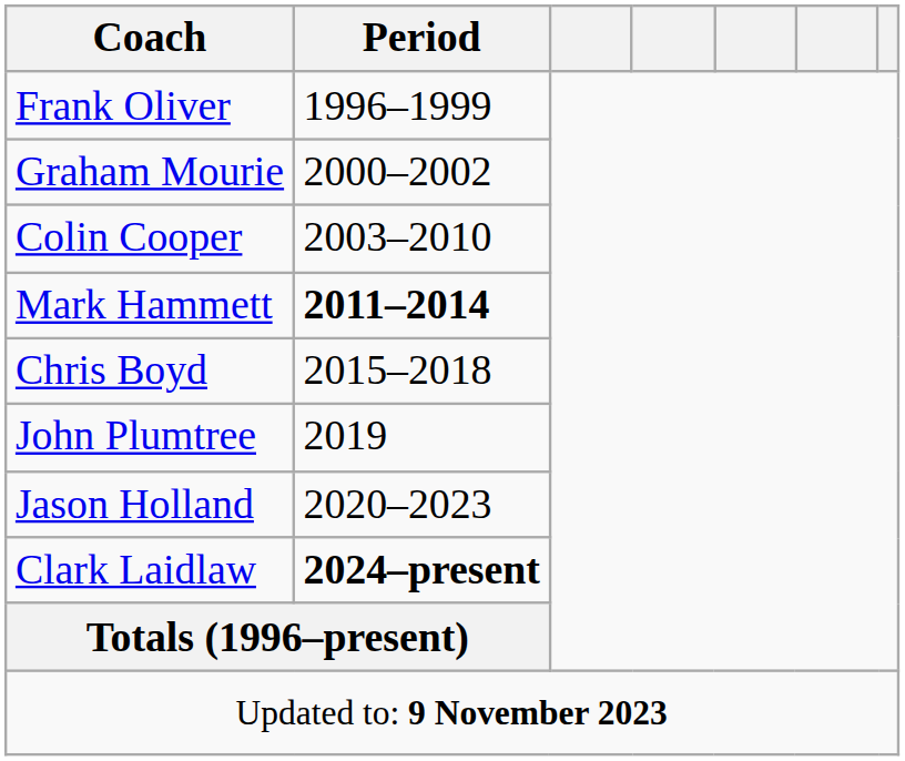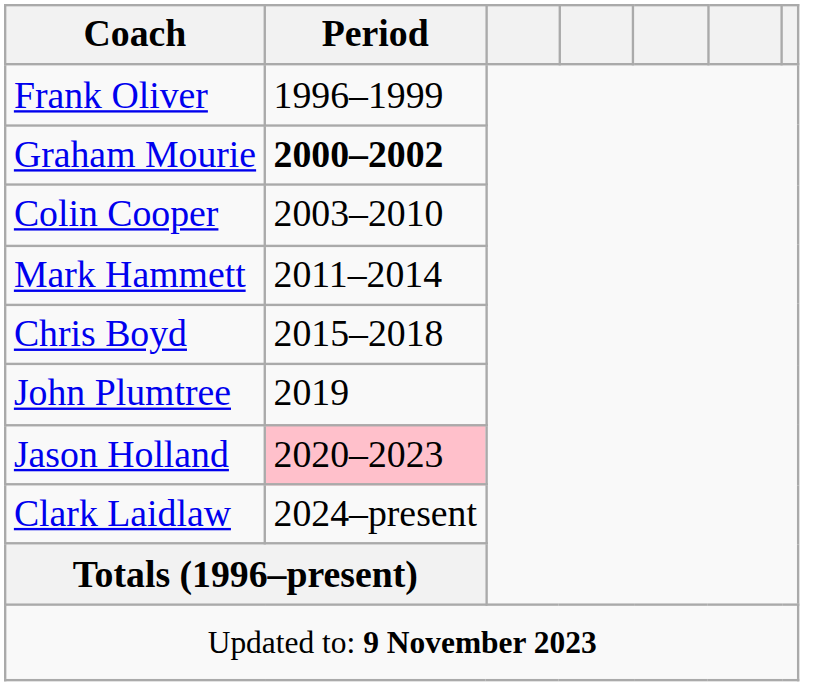 <table class="wikitable sortable">
 <tr>
 <th>Coach</th>
 <th>Period</th>
 <th style="width:1.5em;"></th>
 <th style="width:1.5em;"></th>
 <th style="width:1.5em;"></th>
 <th style="width:1.5em;"></th>
 <th></th>
 </tr>
 <tr>
 <td> <a href='#'>Frank Oliver</a></td>
 <td>1996–1999<br></td>
 </tr>
 <tr>
 <td> <a href='#'>Graham Mourie</a></td>
-<td>2000–2002<br></td>
+<td><strong>2000–2002<br></strong></td>
 </tr>
 <tr>
 <td> <a href='#'>Colin Cooper</a></td>
 <td>2003–2010<br></td>
 </tr>
 <tr>
 <td> <a href='#'>Mark Hammett</a></td>
-<td><strong>2011–2014<br></strong></td>
+<td>2011–2014<br></td>
 </tr>
 <tr>
 <td> <a href='#'>Chris Boyd</a></td>
 <td>2015–2018<br></td>
 </tr>
 <tr>
 <td> <a href='#'>John Plumtree</a></td>
 <td>2019<br></td>
 </tr>
 <tr>
 <td> <a href='#'>Jason Holland</a></td>
-<td>2020–2023<br></td>
+<td style="background: pink;">2020–2023<br></td>
 </tr>
 <tr>
 <td> <a href='#'>Clark Laidlaw</a></td>
-<td><strong>2024–present<br></strong></td>
+<td>2024–present<br></td>
 </tr>
 <tr>
 <th colspan=2>Totals (1996–present)<br></th>
 </tr>
 <tr align=center>
 <td colspan="100%" style="border-bottom:1px transparent; line-height:150%;"><small>Updated to: <strong>9 November 2023</strong></small><br></td>
 </tr>
 <tr>
 </tr>
 </table>
